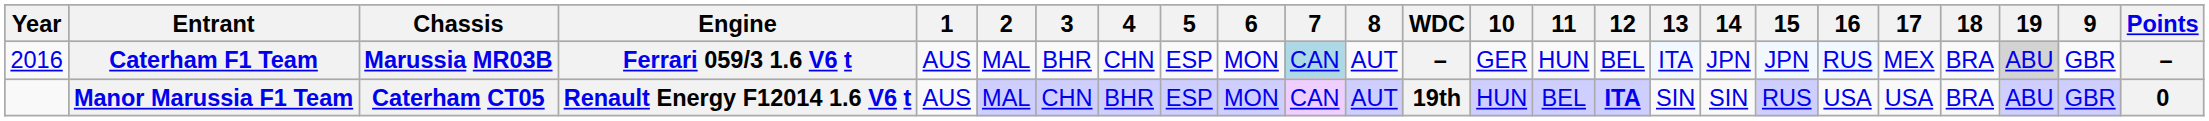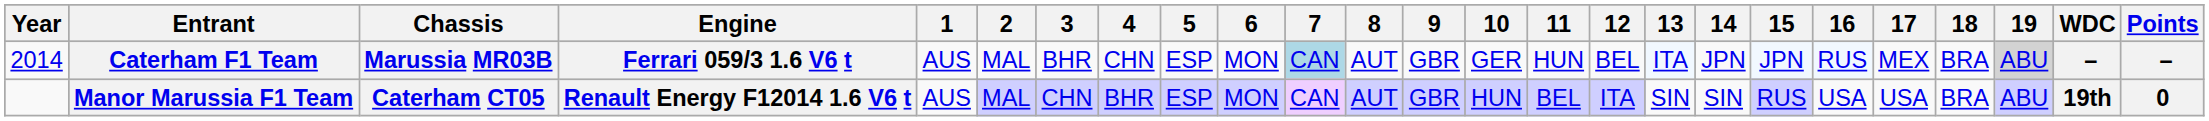 <table class="wikitable" style="font-size: 85%; text-align: center">
 <tr>
 <th>Year</th>
 <th>Entrant</th>
 <th>Chassis</th>
 <th>Engine</th>
 <th>1</th>
 <th>2</th>
 <th>3</th>
 <th>4</th>
 <th>5</th>
 <th>6</th>
 <th>7</th>
 <th>8</th>
-<th>WDC</th>
+<th>9</th>
 <th>10</th>
 <th>11</th>
 <th>12</th>
 <th>13</th>
 <th>14</th>
 <th>15</th>
 <th>16</th>
 <th>17</th>
 <th>18</th>
 <th>19</th>
-<th>9</th>
+<th>WDC</th>
 <th><a href='#'>Points</a></th>
 </tr>
 <tr>
-<td><a href='#'>2016</a></td>
+<td><a href='#'>2014</a></td>
 <th nowrap><a href='#'>Caterham F1 Team</a></th>
 <th nowrap><a href='#'>Marussia</a> <a href='#'>MR03B</a></th>
 <th nowrap><a href='#'>Ferrari</a> 059/3 1.6 <a href='#'>V6</a> <a href='#'>t</a></th>
 <td><a href='#'>AUS</a></td>
 <td><a href='#'>MAL</a></td>
 <td><a href='#'>BHR</a></td>
 <td><a href='#'>CHN</a></td>
 <td><a href='#'>ESP</a></td>
 <td><a href='#'>MON</a></td>
 <td style="background: lightblue;"><a href='#'>CAN</a></td>
 <td><a href='#'>AUT</a></td>
-<th> –</th>
+<td><a href='#'>GBR</a></td>
 <td><a href='#'>GER</a></td>
 <td><a href='#'>HUN</a></td>
 <td><a href='#'>BEL</a></td>
 <td style="background:#F1F8FF"><a href='#'>ITA</a><br></td>
 <td><a href='#'>JPN</a></td>
 <td style="background:#F1F8FF"><a href='#'>JPN</a><br></td>
 <td style="background:#F1F8FF"><a href='#'>RUS</a><br></td>
 <td><a href='#'>MEX</a></td>
 <td><a href='#'>BRA</a></td>
 <td style="background: lightgrey;"><a href='#'>ABU</a></td>
-<td><a href='#'>GBR</a></td>
+<th> –</th>
 <th> –</th>
 </tr>
 <tr>
 <td></td>
 <th nowrap><a href='#'>Manor Marussia F1 Team</a></th>
 <th nowrap><a href='#'>Caterham</a> <a href='#'>CT05</a></th>
 <th nowrap><a href='#'>Renault</a> Energy F12014 1.6 <a href='#'>V6</a> <a href='#'>t</a></th>
 <td><a href='#'>AUS</a><br></td>
 <td style="background:#CFCFFF"><a href='#'>MAL</a><br></td>
 <td style="background:#CFCFFF"><a href='#'>CHN</a><br></td>
 <td style="background:#CFCFFF"><a href='#'>BHR</a><br></td>
 <td style="background:#CFCFFF"><a href='#'>ESP</a><br></td>
 <td style="background:#CFCFFF"><a href='#'>MON</a><br></td>
 <td style="background:#EFCFFF"><a href='#'>CAN</a><br></td>
 <td style="background:#CFCFFF"><a href='#'>AUT</a><br></td>
-<th>19th</th>
+<td style="background:#CFCFFF"><a href='#'>GBR</a><br></td>
 <td style="background:#CFCFFF"><a href='#'>HUN</a><br></td>
 <td style="background:#CFCFFF"><a href='#'>BEL</a><br></td>
-<td style="background:#CFCFFF"><strong><a href='#'>ITA</a><br></strong></td>
+<td style="background:#CFCFFF"><a href='#'>ITA</a><br></td>
 <td><a href='#'>SIN</a></td>
 <td><a href='#'>SIN</a></td>
 <td style="background:#CFCFFF"><a href='#'>RUS</a><br></td>
 <td><a href='#'>USA</a></td>
 <td><a href='#'>USA</a></td>
 <td><a href='#'>BRA</a></td>
 <td style="background:#CFCFFF"><a href='#'>ABU</a><br></td>
-<td style="background:#CFCFFF"><a href='#'>GBR</a><br></td>
+<th>19th</th>
 <th>0</th>
 </tr>
 </table>
